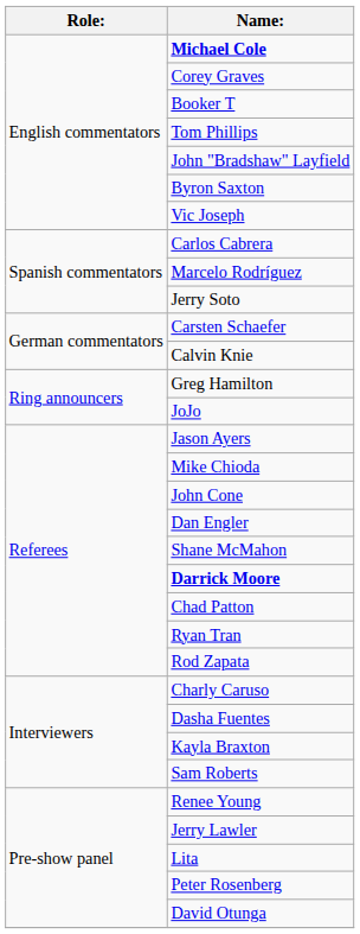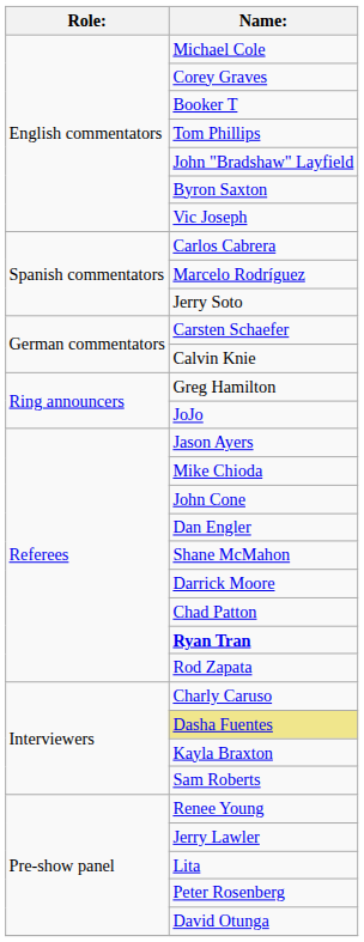 <table class=wikitable style="font-size:90%; margin: 0.5em 0 0.5em 1em; float: right; clear: right;">
 <tr>
 <th>Role:</th>
 <th>Name:</th>
 </tr>
 <tr>
 <td rowspan=7>English commentators</td>
-<td><strong><a href='#'>Michael Cole</a> </strong></td>
+<td><a href='#'>Michael Cole</a> </td>
 </tr>
 <tr>
 <td><a href='#'>Corey Graves</a> </td>
 </tr>
 <tr>
 <td><a href='#'>Booker T</a> </td>
 </tr>
 <tr>
 <td><a href='#'>Tom Phillips</a> </td>
 </tr>
 <tr>
 <td><a href='#'>John "Bradshaw" Layfield</a> </td>
 </tr>
 <tr>
 <td><a href='#'>Byron Saxton</a> </td>
 </tr>
 <tr>
 <td><a href='#'>Vic Joseph</a> </td>
 </tr>
 <tr>
 <td rowspan=3>Spanish commentators</td>
 <td><a href='#'>Carlos Cabrera</a></td>
 </tr>
 <tr>
 <td><a href='#'>Marcelo Rodríguez</a></td>
 </tr>
 <tr>
 <td>Jerry Soto</td>
 </tr>
 <tr>
 <td rowspan=2>German commentators</td>
 <td><a href='#'>Carsten Schaefer</a></td>
 </tr>
 <tr>
 <td>Calvin Knie</td>
 </tr>
 <tr>
 <td rowspan=2><a href='#'>Ring announcers</a></td>
 <td>Greg Hamilton </td>
 </tr>
 <tr>
 <td><a href='#'>JoJo</a> </td>
 </tr>
 <tr>
 <td rowspan=9><a href='#'>Referees</a></td>
 <td><a href='#'>Jason Ayers</a></td>
 </tr>
 <tr>
 <td><a href='#'>Mike Chioda</a></td>
 </tr>
 <tr>
 <td><a href='#'>John Cone</a></td>
 </tr>
 <tr>
 <td><a href='#'>Dan Engler</a></td>
 </tr>
 <tr>
 <td><a href='#'>Shane McMahon</a></td>
 </tr>
 <tr>
-<td><strong><a href='#'>Darrick Moore</a></strong></td>
+<td><a href='#'>Darrick Moore</a></td>
 </tr>
 <tr>
 <td><a href='#'>Chad Patton</a></td>
 </tr>
 <tr>
-<td><a href='#'>Ryan Tran</a></td>
+<td><strong><a href='#'>Ryan Tran</a></strong></td>
 </tr>
 <tr>
 <td><a href='#'>Rod Zapata</a></td>
 </tr>
 <tr>
 <td rowspan=4>Interviewers</td>
 <td><a href='#'>Charly Caruso</a></td>
 </tr>
 <tr>
-<td><a href='#'>Dasha Fuentes</a></td>
+<td style="background: khaki;"><a href='#'>Dasha Fuentes</a></td>
 </tr>
 <tr>
 <td><a href='#'>Kayla Braxton</a></td>
 </tr>
 <tr>
 <td><a href='#'>Sam Roberts</a></td>
 </tr>
 <tr>
 <td rowspan=5>Pre-show panel</td>
 <td><a href='#'>Renee Young</a></td>
 </tr>
 <tr>
 <td><a href='#'>Jerry Lawler</a></td>
 </tr>
 <tr>
 <td><a href='#'>Lita</a></td>
 </tr>
 <tr>
 <td><a href='#'>Peter Rosenberg</a></td>
 </tr>
 <tr>
 <td><a href='#'>David Otunga</a></td>
 </tr>
 <tr>
 </tr>
 </table>
